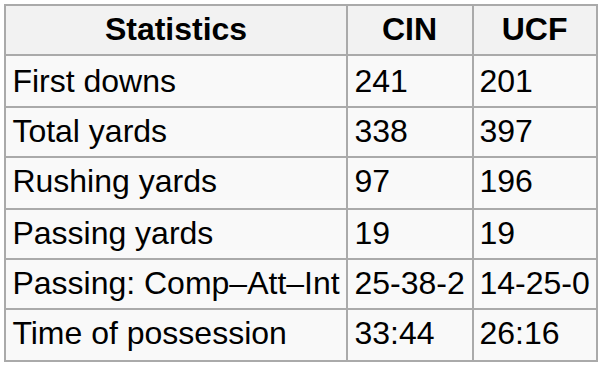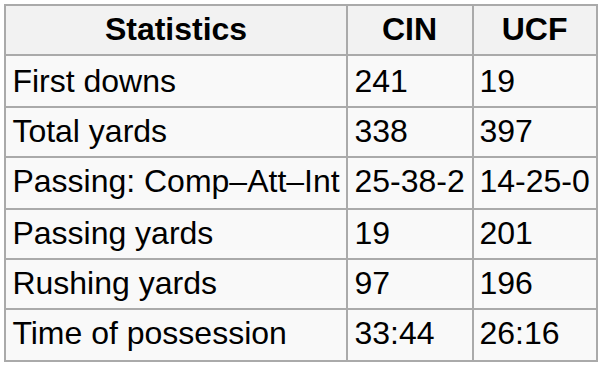 <table class="wikitable" style="float: left;">
 <tr>
 <th>Statistics</th>
 <th>CIN</th>
 <th>UCF</th>
 </tr>
 <tr>
 <td>First downs</td>
 <td>241</td>
-<td>201</td>
+<td>19</td>
 </tr>
 <tr>
 <td>Total yards</td>
 <td>338</td>
 <td>397</td>
 </tr>
 <tr>
-<td>Rushing yards</td>
-<td>97</td>
-<td>196</td>
+<td>Passing: Comp–Att–Int</td>
+<td>25-38-2</td>
+<td>14-25-0</td>
 </tr>
 <tr>
 <td>Passing yards</td>
 <td>19</td>
-<td>19</td>
+<td>201</td>
 </tr>
 <tr>
-<td>Passing: Comp–Att–Int</td>
-<td>25-38-2</td>
-<td>14-25-0</td>
+<td>Rushing yards</td>
+<td>97</td>
+<td>196</td>
 </tr>
 <tr>
 <td>Time of possession</td>
 <td>33:44</td>
 <td>26:16</td>
 </tr>
 <tr>
 </tr>
 </table>
